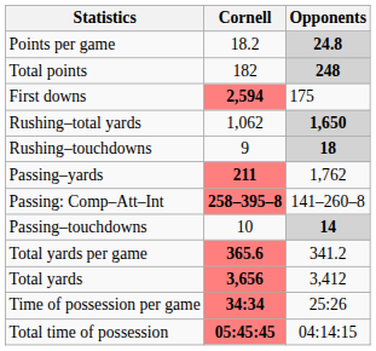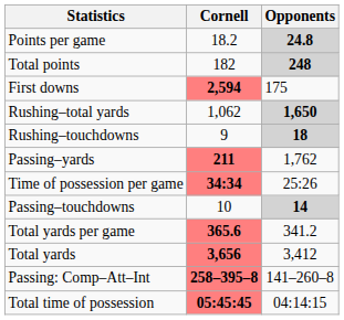 <table class="wikitable">
 <tr>
 <th>Statistics</th>
 <th>Cornell</th>
 <th>Opponents</th>
 </tr>
 <tr>
 <td>Points per game</td>
 <td align=center>18.2</td>
 <td style="background-color:#d3d3d3; text-align:center"><strong>24.8</strong></td>
 </tr>
 <tr>
 <td>Total points</td>
 <td align=center>182</td>
 <td style="background-color:#d3d3d3; text-align:center"><strong>248</strong></td>
 </tr>
 <tr>
 <td>First downs</td>
 <td style="background-color:#FF7F7F; text-align:center"><strong>2,594</strong></td>
 <td>175</td>
 </tr>
 <tr>
 <td>Rushing–total yards</td>
 <td align=center>1,062</td>
 <td style="background-color:#d3d3d3; text-align:center"><strong>1,650</strong></td>
 </tr>
 <tr>
 <td>Rushing–touchdowns</td>
 <td align=center>9</td>
 <td style="background-color:#d3d3d3; text-align:center"><strong>18</strong></td>
 </tr>
 <tr>
 <td>Passing–yards</td>
 <td style="background-color:#FF7F7F; text-align:center"><strong>211</strong></td>
 <td align=center>1,762</td>
 </tr>
 <tr>
-<td>Passing: Comp–Att–Int</td>
-<td style="background-color:#FF7F7F; text-align:center"><strong>258–395–8</strong></td>
-<td align=center>141–260–8</td>
+<td>Time of possession per game</td>
+<td style="background-color:#FF7F7F; text-align:center"><strong>34:34</strong></td>
+<td align=center>25:26</td>
 </tr>
 <tr>
 <td>Passing–touchdowns</td>
 <td align=center>10</td>
 <td style="background-color:#d3d3d3; text-align:center"><strong>14</strong></td>
 </tr>
 <tr>
 <td>Total yards per game</td>
 <td style="background-color:#FF7F7F; text-align:center"><strong>365.6</strong></td>
 <td align=center>341.2</td>
 </tr>
 <tr>
 <td>Total yards</td>
 <td style="background-color:#FF7F7F; text-align:center"><strong>3,656</strong></td>
 <td align=center>3,412</td>
 </tr>
 <tr>
-<td>Time of possession per game</td>
-<td style="background-color:#FF7F7F; text-align:center"><strong>34:34</strong></td>
-<td align=center>25:26</td>
+<td>Passing: Comp–Att–Int</td>
+<td style="background-color:#FF7F7F; text-align:center"><strong>258–395–8</strong></td>
+<td align=center>141–260–8</td>
 </tr>
 <tr>
 <td>Total time of possession</td>
 <td style="background-color:#FF7F7F; text-align:center"><strong>05:45:45</strong></td>
 <td align=center>04:14:15</td>
 </tr>
 </table>
